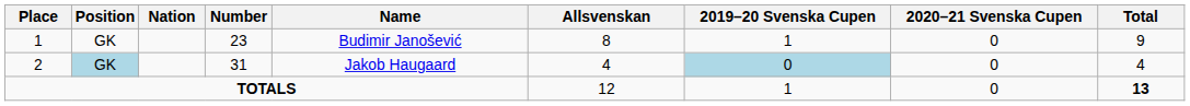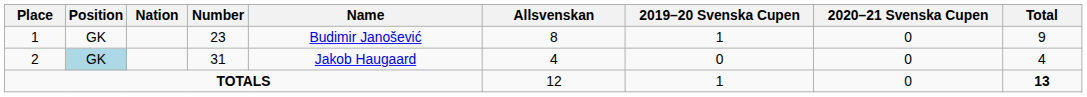 <table class="wikitable" style="font-size: 95%; text-align: center;">
 <tr>
 <th width=60>Place</th>
 <th width=60>Position</th>
 <th width=60>Nation</th>
 <th width=60>Number</th>
 <th width=250>Name</th>
 <th width=150>Allsvenskan</th>
 <th width=200>2019–20 Svenska Cupen</th>
 <th width=200>2020–21 Svenska Cupen</th>
 <th width=80><strong>Total</strong></th>
 </tr>
 <tr>
 <td>1</td>
 <td>GK</td>
 <td></td>
 <td>23</td>
 <td><a href='#'>Budimir Janošević</a></td>
 <td>8</td>
 <td>1</td>
 <td>0</td>
 <td>9</td>
 </tr>
 <tr>
 <td>2</td>
 <td style="background: lightblue;">GK</td>
 <td></td>
 <td>31</td>
 <td><a href='#'>Jakob Haugaard</a></td>
 <td>4</td>
-<td style="background: lightblue;">0</td>
+<td>0</td>
 <td>0</td>
 <td>4</td>
 </tr>
 <tr>
 <td colspan="5"><strong>TOTALS</strong></td>
 <td>12</td>
 <td>1</td>
 <td>0</td>
 <td><strong>13</strong></td>
 </tr>
 </table>
